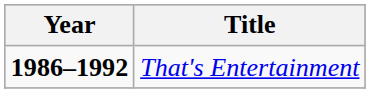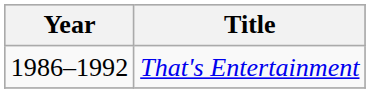 <table class="wikitable">
 <tr>
 <th>Year</th>
 <th>Title</th>
 </tr>
 <tr>
-<td><strong>1986–1992</strong></td>
+<td>1986–1992</td>
 <td><em><a href='#'>That's Entertainment</a></em></td>
 </tr>
 </table>
